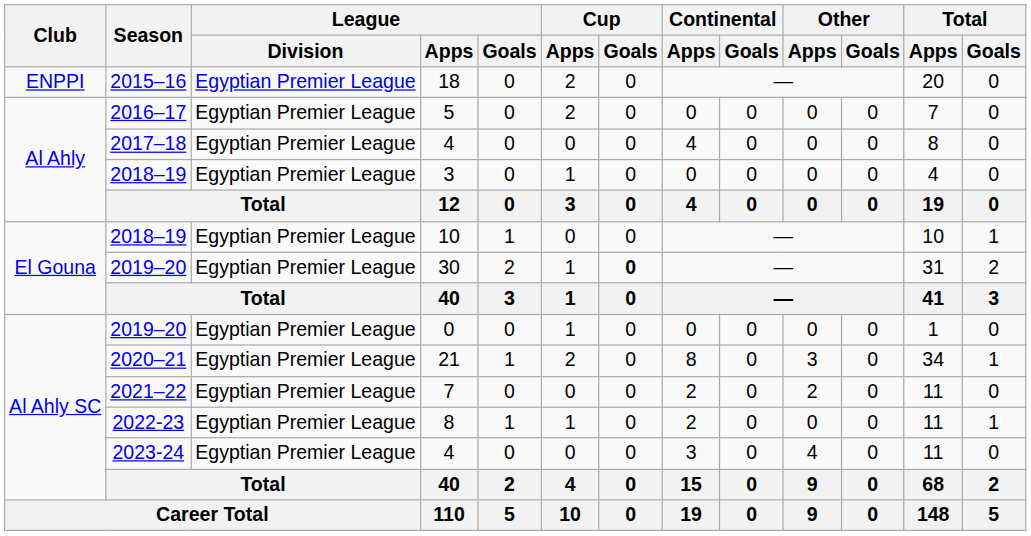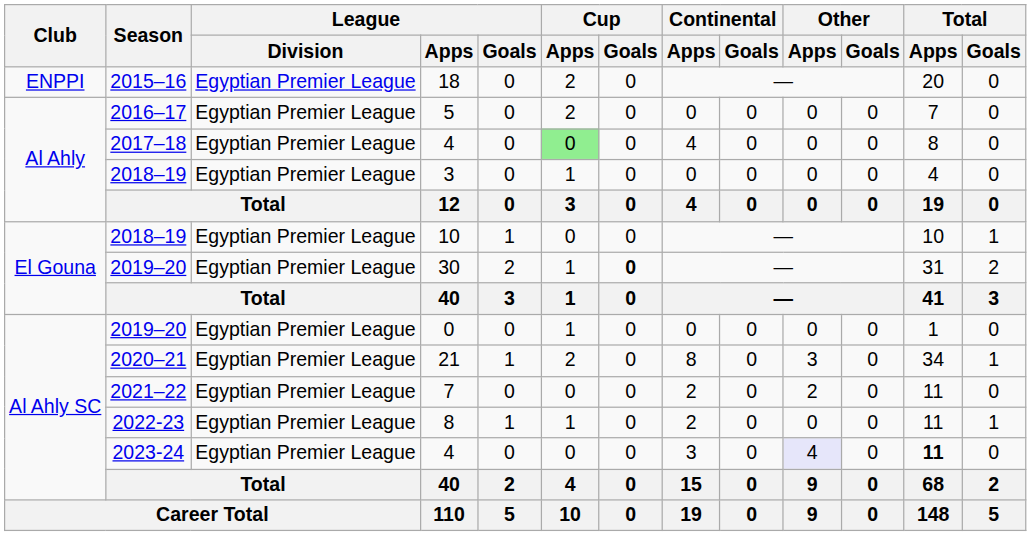 <table class="wikitable" style="text-align:center">
 <tr>
 <th rowspan="2">Club</th>
 <th rowspan="2">Season</th>
 <th colspan="3">League</th>
 <th colspan="2">Cup</th>
 <th colspan="2">Continental</th>
 <th colspan="2">Other</th>
 <th colspan="2">Total</th>
 </tr>
 <tr>
 <th>Division</th>
 <th>Apps</th>
 <th>Goals</th>
 <th>Apps</th>
 <th>Goals</th>
 <th>Apps</th>
 <th>Goals</th>
 <th>Apps</th>
 <th>Goals</th>
 <th>Apps</th>
 <th>Goals</th>
 </tr>
 <tr>
 <td><a href='#'>ENPPI</a></td>
 <td><a href='#'>2015–16</a></td>
 <td><a href='#'>Egyptian Premier League</a></td>
 <td>18</td>
 <td>0</td>
 <td>2</td>
 <td>0</td>
 <td colspan="4">—</td>
 <td>20</td>
 <td>0</td>
 </tr>
 <tr>
 <td rowspan=4><a href='#'>Al Ahly</a></td>
 <td><a href='#'>2016–17</a></td>
 <td>Egyptian Premier League</td>
 <td>5</td>
 <td>0</td>
 <td>2</td>
 <td>0</td>
 <td>0</td>
 <td>0</td>
 <td>0</td>
 <td>0</td>
 <td>7</td>
 <td>0</td>
 </tr>
 <tr>
 <td><a href='#'>2017–18</a></td>
 <td>Egyptian Premier League</td>
 <td>4</td>
 <td>0</td>
-<td>0</td>
+<td style="background: lightgreen;">0</td>
 <td>0</td>
 <td>4</td>
 <td>0</td>
 <td>0</td>
 <td>0</td>
 <td>8</td>
 <td>0</td>
 </tr>
 <tr>
 <td><a href='#'>2018–19</a></td>
 <td>Egyptian Premier League</td>
 <td>3</td>
 <td>0</td>
 <td>1</td>
 <td>0</td>
 <td>0</td>
 <td>0</td>
 <td>0</td>
 <td>0</td>
 <td>4</td>
 <td>0</td>
 </tr>
 <tr>
 <th colspan="2">Total</th>
 <th>12</th>
 <th>0</th>
 <th>3</th>
 <th>0</th>
 <th>4</th>
 <th>0</th>
 <th>0</th>
 <th>0</th>
 <th>19</th>
 <th>0</th>
 </tr>
 <tr>
 <td rowspan=3><a href='#'>El Gouna</a></td>
 <td><a href='#'>2018–19</a></td>
 <td>Egyptian Premier League</td>
 <td>10</td>
 <td>1</td>
 <td>0</td>
 <td>0</td>
 <td colspan="4">—</td>
 <td>10</td>
 <td>1</td>
 </tr>
 <tr>
 <td><a href='#'>2019–20</a></td>
 <td>Egyptian Premier League</td>
 <td>30</td>
 <td>2</td>
 <td>1</td>
 <td><strong>0</strong></td>
 <td colspan="4">—</td>
 <td>31</td>
 <td>2</td>
 </tr>
 <tr>
 <th colspan="2">Total</th>
 <th>40</th>
 <th>3</th>
 <th>1</th>
 <th>0</th>
 <th colspan="4">—</th>
 <th>41</th>
 <th>3</th>
 </tr>
 <tr>
 <td rowspan=6><a href='#'>Al Ahly SC</a></td>
 <td><a href='#'>2019–20</a></td>
 <td>Egyptian Premier League</td>
 <td>0</td>
 <td>0</td>
 <td>1</td>
 <td>0</td>
 <td>0</td>
 <td>0</td>
 <td>0</td>
 <td>0</td>
 <td>1</td>
 <td>0</td>
 </tr>
 <tr>
 <td><a href='#'>2020–21</a></td>
 <td>Egyptian Premier League</td>
 <td>21</td>
 <td>1</td>
 <td>2</td>
 <td>0</td>
 <td>8</td>
 <td>0</td>
 <td>3</td>
 <td>0</td>
 <td>34</td>
 <td>1</td>
 </tr>
 <tr>
 <td><a href='#'>2021–22</a></td>
 <td>Egyptian Premier League</td>
 <td>7</td>
 <td>0</td>
 <td>0</td>
 <td>0</td>
 <td>2</td>
 <td>0</td>
 <td>2</td>
 <td>0</td>
 <td>11</td>
 <td>0</td>
 </tr>
 <tr>
 <td><a href='#'>2022-23</a></td>
 <td>Egyptian Premier League</td>
 <td>8</td>
 <td>1</td>
 <td>1</td>
 <td>0</td>
 <td>2</td>
 <td>0</td>
 <td>0</td>
 <td>0</td>
 <td>11</td>
 <td>1</td>
 </tr>
 <tr>
 <td><a href='#'>2023-24</a></td>
 <td>Egyptian Premier League</td>
 <td>4</td>
 <td>0</td>
 <td>0</td>
 <td>0</td>
 <td>3</td>
 <td>0</td>
-<td>4</td>
+<td style="background: lavender;">4</td>
 <td>0</td>
-<td>11</td>
+<td><strong>11</strong></td>
 <td>0</td>
 </tr>
 <tr>
 <th colspan="2">Total</th>
 <th>40</th>
 <th>2</th>
 <th>4</th>
 <th>0</th>
 <th>15</th>
 <th>0</th>
 <th>9</th>
 <th>0</th>
 <th>68</th>
 <th>2</th>
 </tr>
 <tr>
 <th colspan="3">Career Total</th>
 <th>110</th>
 <th>5</th>
 <th>10</th>
 <th>0</th>
 <th>19</th>
 <th>0</th>
 <th>9</th>
 <th>0</th>
 <th>148</th>
 <th>5</th>
 </tr>
 </table>
